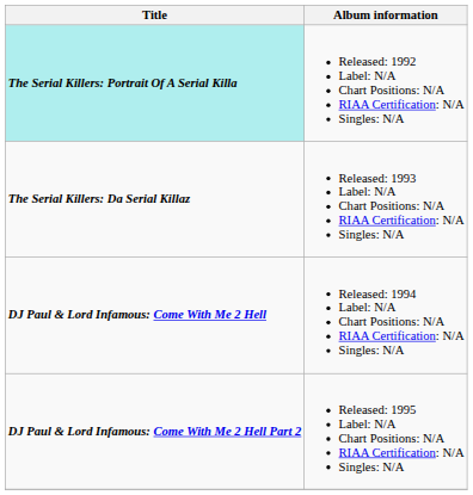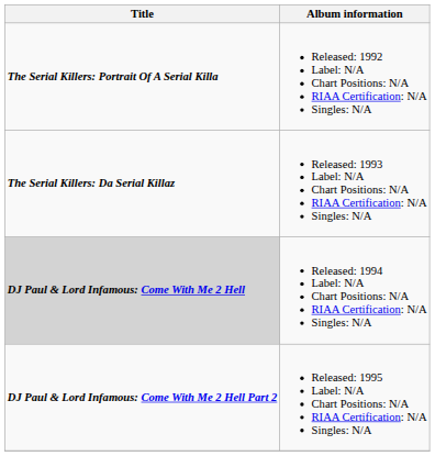 <table class="wikitable">
 <tr>
 <th align="center">Title</th>
 <th align="center">Album information</th>
 </tr>
 <tr>
-<td align="left" style="background: paleturquoise;"><strong><em>The Serial Killers: Portrait Of A Serial Killa</em></strong></td>
+<td align="left"><strong><em>The Serial Killers: Portrait Of A Serial Killa</em></strong></td>
 <td align="left"><br><ul><li>Released: 1992</li><li>Label: N/A</li><li>Chart Positions: N/A</li><li><a href='#'>RIAA Certification</a>: N/A</li><li>Singles: N/A</li></ul></td>
 </tr>
 <tr>
 <td align="left"><strong><em>The Serial Killers: Da Serial Killaz</em></strong></td>
 <td align="left"><br><ul><li>Released: 1993</li><li>Label: N/A</li><li>Chart Positions: N/A</li><li><a href='#'>RIAA Certification</a>: N/A</li><li>Singles: N/A</li></ul></td>
 </tr>
 <tr>
-<td align="left"><strong><em>DJ Paul & Lord Infamous: <a href='#'>Come With Me 2 Hell</a></em></strong></td>
+<td align="left" style="background: lightgrey;"><strong><em>DJ Paul & Lord Infamous: <a href='#'>Come With Me 2 Hell</a></em></strong></td>
 <td align="left"><br><ul><li>Released: 1994</li><li>Label: N/A</li><li>Chart Positions: N/A</li><li><a href='#'>RIAA Certification</a>: N/A</li><li>Singles: N/A</li></ul></td>
 </tr>
 <tr>
 <td align="left"><strong><em>DJ Paul & Lord Infamous: <a href='#'>Come With Me 2 Hell Part 2</a></em></strong></td>
 <td align="left"><br><ul><li>Released: 1995</li><li>Label: N/A</li><li>Chart Positions: N/A</li><li><a href='#'>RIAA Certification</a>: N/A</li><li>Singles: N/A</li></ul></td>
 </tr>
 <tr>
 </tr>
 </table>
